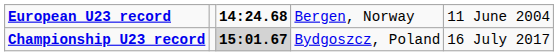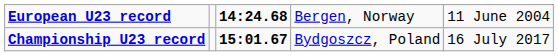 <table class="wikitable">
 <tr>
 <td><strong><a href='#'>European U23 record</a></strong></td>
 <td></td>
 <td><strong>14:24.68</strong></td>
 <td><a href='#'>Bergen</a>, Norway</td>
 <td>11 June 2004</td>
 </tr>
 <tr>
 <td><strong><a href='#'>Championship U23 record</a></strong></td>
 <td></td>
-<td style="background: lightgrey;"><strong>15:01.67</strong></td>
+<td><strong>15:01.67</strong></td>
 <td><a href='#'>Bydgoszcz</a>, Poland</td>
 <td>16 July 2017</td>
 </tr>
 </table>
